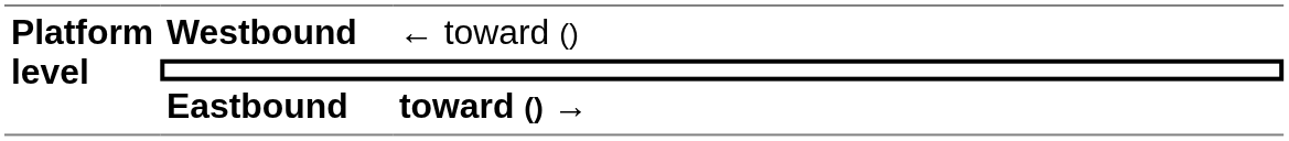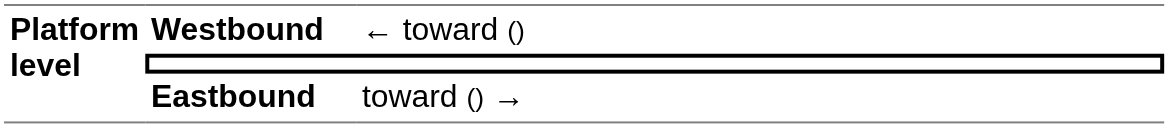 <table cellpadding="3" cellspacing="0" border="0">
 <tr>
 <td rowspan="3" width="50" style="border-top-color: gray; border-bottom-color: gray; border-top-width: 1px; border-bottom-width: 1px; border-top-style: solid; border-bottom-style: solid;" valign="top"><strong>Platform level</strong></td>
 <td width="100" style="border-top-color: gray; border-top-width: 1px; border-top-style: solid;"><strong>Westbound</strong></td>
 <td width="400" style="border-top-color: gray; border-top-width: 1px; border-top-style: solid;">←  toward  <small>()</small></td>
 </tr>
 <tr>
 <td colspan="2" style="border: 2px solid black; border-image: none; text-align: center;"></td>
 </tr>
 <tr>
 <td style="border-bottom-color: gray; border-bottom-width: 1px; border-bottom-style: solid;"><strong>Eastbound</strong></td>
-<td style="border-bottom-color: gray; border-bottom-width: 1px; border-bottom-style: solid;"><strong> toward  <small>()</small>  →</strong></td>
+<td style="border-bottom-color: gray; border-bottom-width: 1px; border-bottom-style: solid;"> toward  <small>()</small>  →</td>
 </tr>
 </table>
